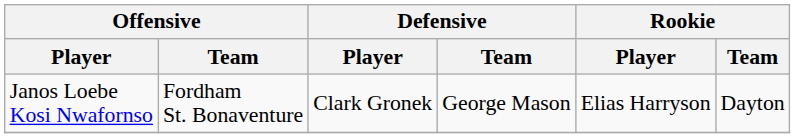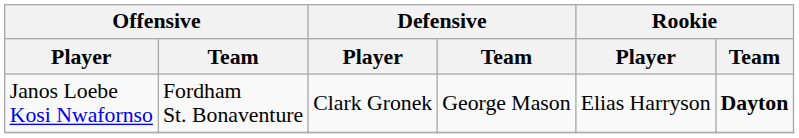 <table class="wikitable">
 <tr>
 <th colspan="2">Offensive</th>
 <th colspan="2">Defensive</th>
 <th colspan="2">Rookie</th>
 </tr>
 <tr>
 <th>Player</th>
 <th>Team</th>
 <th>Player</th>
 <th>Team</th>
 <th>Player</th>
 <th>Team</th>
 </tr>
 <tr>
 <td>Janos Loebe<br><a href='#'>Kosi Nwafornso</a></td>
 <td>Fordham<br>St. Bonaventure</td>
 <td>Clark Gronek</td>
 <td>George Mason</td>
 <td>Elias Harryson</td>
-<td>Dayton</td>
+<td><strong>Dayton</strong></td>
 </tr>
 <tr>
 </tr>
 </table>
